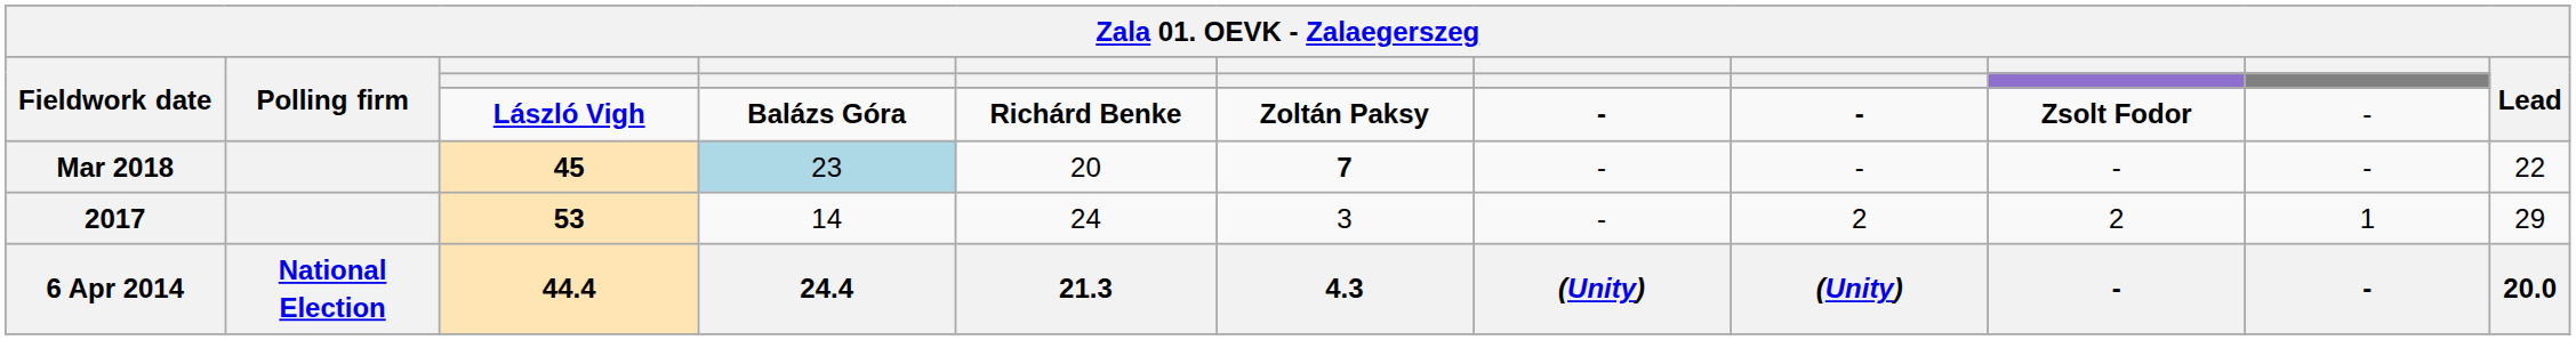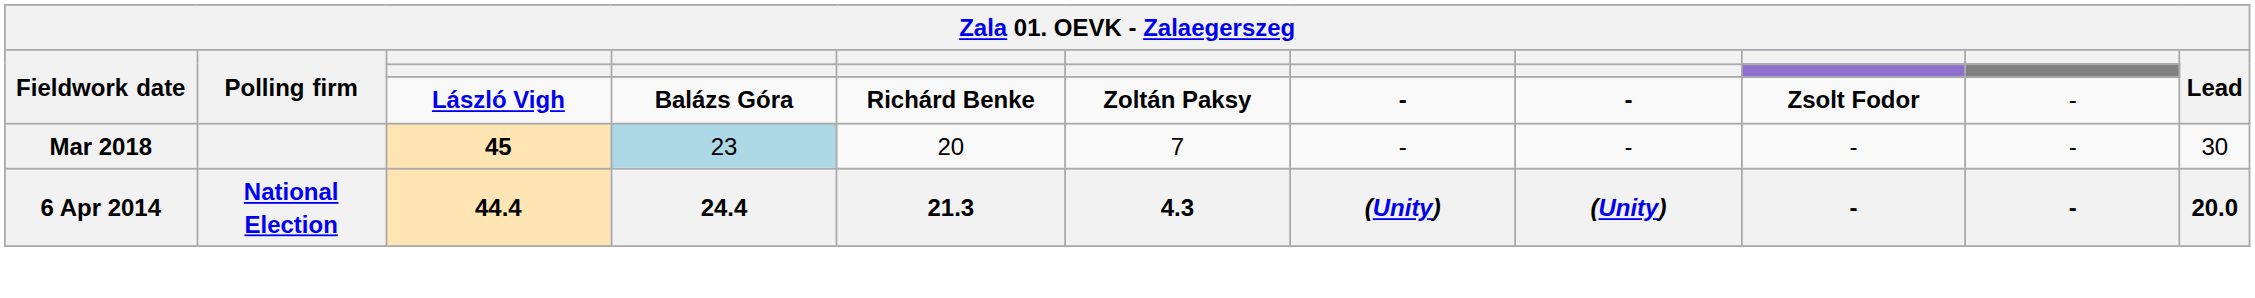 <table class="wikitable mw-collapsible mw-collapsed" style="text-align:center">
 <tr>
 <th colspan="11" style="width: 980pt;"><small><a href='#'>Zala</a> 01. OEVK - <a href='#'>Zalaegerszeg</a></small></th>
 </tr>
 <tr>
 <th rowspan="3" style="width: 80pt;"><small>Fieldwork</small> <small>date</small></th>
 <th rowspan="3" style="width: 80pt;"><strong><small>Polling</small> <small>firm</small></strong></th>
 <th style="width: 100pt;"><small></small></th>
 <th style="width: 100pt;"><small> </small></th>
 <th style="width: 100pt;"></th>
 <th style="width: 100pt;"></th>
 <th style="width: 100pt;"></th>
 <th style="width: 100pt;"></th>
 <th style="width: 100pt;"></th>
 <th style="width: 100pt;"></th>
 <th rowspan="3" style="width: 20pt;"><small>Lead</small></th>
 </tr>
 <tr>
 <th style="color:inherit;background:"></th>
 <th style="color:inherit;background:"></th>
 <th style="color:inherit;background:"></th>
 <th style="color:inherit;background:"></th>
 <th style="color:inherit;background:"></th>
 <th style="color:inherit;background:"></th>
 <th style="color:inherit;background:#8E6FCE;"></th>
 <th style="color:inherit;background:#808080;"></th>
 </tr>
 <tr>
 <td><a href='#'><strong><small>László Vigh</small></strong></a></td>
 <td><strong><small>Balázs Góra</small></strong></td>
 <td><strong><small>Richárd Benke</small></strong></td>
 <td><strong><small>Zoltán Paksy</small></strong></td>
 <td><strong><small>-</small></strong></td>
 <td><strong><small>-</small></strong></td>
 <td><strong><small>Zsolt Fodor</small></strong></td>
 <td><small>-</small></td>
 </tr>
 <tr>
 <th><small>Mar 2018</small></th>
 <th><small></small></th>
 <td style="background:#FFE5B4"><strong><small>45</small></strong></td>
 <td style="background: lightblue;"><small>23</small></td>
 <td><small>20</small></td>
-<td><strong><small>7</small></strong></td>
+<td><small>7</small></td>
 <td><small>-</small></td>
 <td><small>-</small></td>
 <td><small>-</small></td>
 <td><small>-</small></td>
-<td style="background:"><small>22</small></td>
-</tr>
-<tr>
-<th><small>2017</small></th>
-<th><small></small></th>
-<td style="background:#FFE5B4"><strong><small>53</small></strong></td>
-<td><small>14</small></td>
-<td><small>24</small></td>
-<td><small>3</small></td>
-<td><small>-</small></td>
-<td><small>2</small></td>
-<td><small>2</small></td>
-<td><small>1</small></td>
-<td style="background:"><small>29</small></td>
+<td style="background:"><small>30</small></td>
 </tr>
 <tr>
 <th><small>6 Apr 2014</small></th>
 <th><a href='#'><small>National Election</small></a></th>
 <th style="background:#FFE5B4"><strong><small>44.4</small></strong></th>
 <th><small>24.4</small></th>
 <th><small>21.3</small></th>
 <th><small>4.3</small></th>
 <th><small><em>(<a href='#'>Unity</a>)</em></small></th>
 <th><small><em>(<a href='#'>Unity</a>)</em></small></th>
 <th><small>-</small></th>
 <th><small>-</small></th>
 <th style="background:"><small>20.0</small></th>
 </tr>
 </table>
